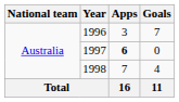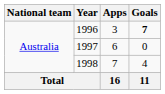 <table class="wikitable" style="text-align:center">
 <tr>
 <th>National team</th>
 <th>Year</th>
 <th>Apps</th>
 <th>Goals</th>
 </tr>
 <tr>
 <td rowspan="3"><a href='#'>Australia</a></td>
 <td>1996</td>
 <td>3</td>
-<td>7</td>
+<td><strong>7</strong></td>
 </tr>
 <tr>
 <td>1997</td>
-<td><strong>6</strong></td>
+<td>6</td>
 <td>0</td>
 </tr>
 <tr>
 <td>1998</td>
 <td>7</td>
 <td>4</td>
 </tr>
 <tr>
 <th colspan="2">Total</th>
 <th>16</th>
 <th>11</th>
 </tr>
 </table>
